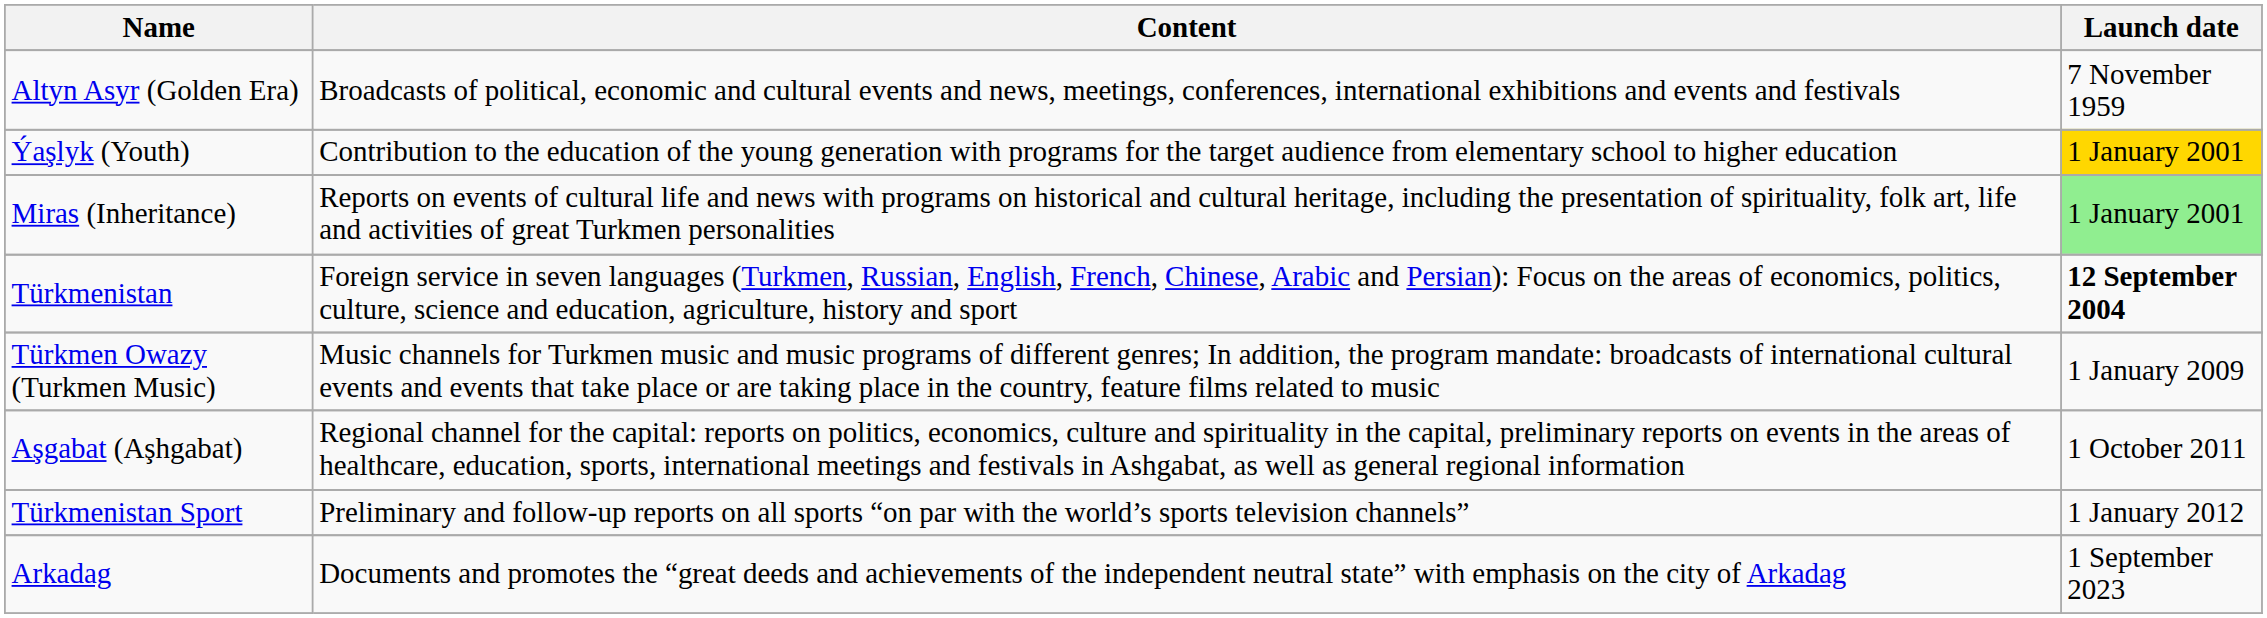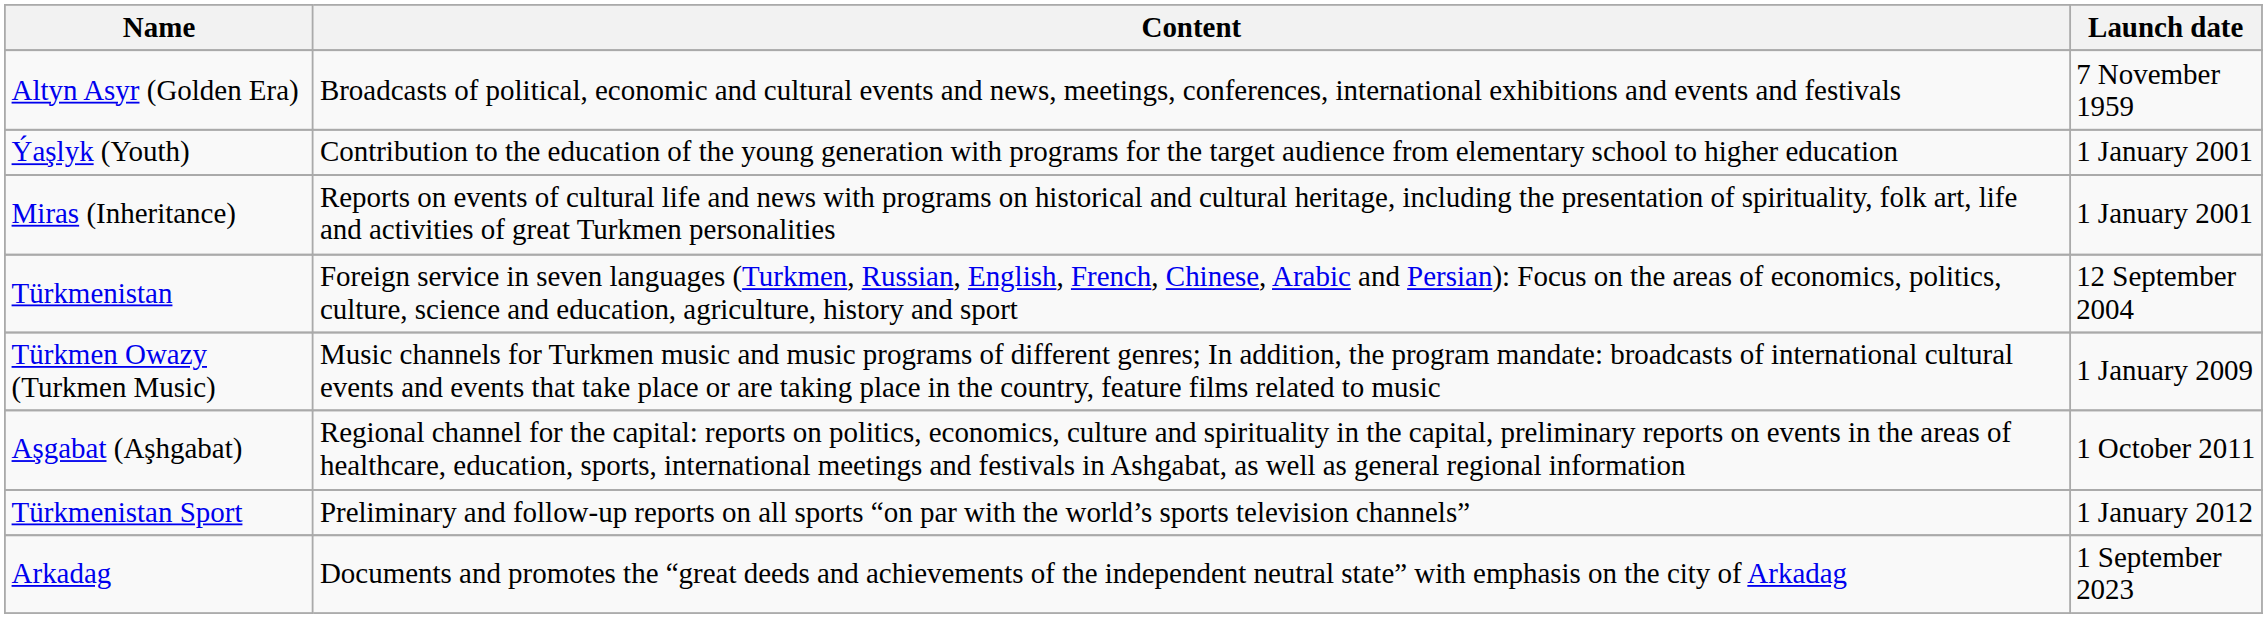 <table class="wikitable">
 <tr>
 <th>Name</th>
 <th>Content</th>
 <th>Launch date</th>
 </tr>
 <tr>
 </tr>
 <tr id="Altyn Asyr">
 <td><a href='#'>Altyn Asyr</a> (Golden Era)</td>
 <td>Broadcasts of political, economic and cultural events and news, meetings, conferences, international exhibitions and events and festivals</td>
 <td>7 November 1959</td>
 </tr>
 <tr>
 </tr>
 <tr id="Ýaşlyk">
 <td><a href='#'>Ýaşlyk</a> (Youth)</td>
 <td>Contribution to the education of the young generation with programs for the target audience from elementary school to higher education</td>
-<td style="background: gold;">1 January 2001</td>
+<td>1 January 2001</td>
 </tr>
 <tr>
 </tr>
 <tr id="Miras">
 <td><a href='#'>Miras</a> (Inheritance)</td>
 <td>Reports on events of cultural life and news with programs on historical and cultural heritage, including the presentation of spirituality, folk art, life and activities of great Turkmen personalities</td>
-<td style="background: lightgreen;">1 January 2001</td>
+<td>1 January 2001</td>
 </tr>
 <tr>
 </tr>
 <tr id="Türkmenistan">
 <td><a href='#'>Türkmenistan</a></td>
 <td>Foreign service in seven languages (<a href='#'>Turkmen</a>, <a href='#'>Russian</a>, <a href='#'>English</a>, <a href='#'>French</a>, <a href='#'>Chinese</a>, <a href='#'>Arabic</a> and <a href='#'>Persian</a>): Focus on the areas of economics, politics, culture, science and education, agriculture, history and sport</td>
-<td><strong>12 September 2004</strong></td>
+<td>12 September 2004</td>
 </tr>
 <tr>
 </tr>
 <tr id="Türkmen Owazy">
 <td><a href='#'>Türkmen Owazy</a> (Turkmen Music)</td>
 <td>Music channels for Turkmen music and music programs of different genres; In addition, the program mandate: broadcasts of international cultural events and events that take place or are taking place in the country, feature films related to music</td>
 <td>1 January 2009</td>
 </tr>
 <tr>
 </tr>
 <tr id="Aşgabat">
 <td><a href='#'>Aşgabat</a> (Aşhgabat)</td>
 <td>Regional channel for the capital: reports on politics, economics, culture and spirituality in the capital, preliminary reports on events in the areas of healthcare, education, sports, international meetings and festivals in Ashgabat, as well as general regional information</td>
 <td>1 October 2011</td>
 </tr>
 <tr>
 </tr>
 <tr id="Türkmen Sport">
 <td><a href='#'>Türkmenistan Sport</a></td>
 <td>Preliminary and follow-up reports on all sports “on par with the world’s sports television channels”</td>
 <td>1 January 2012</td>
 </tr>
 <tr>
 </tr>
 <tr id="Arkadag">
 <td><a href='#'>Arkadag</a></td>
 <td>Documents and promotes the “great deeds and achievements of the independent neutral state” with emphasis on the city of <a href='#'>Arkadag</a></td>
 <td>1 September 2023</td>
 </tr>
 </table>
